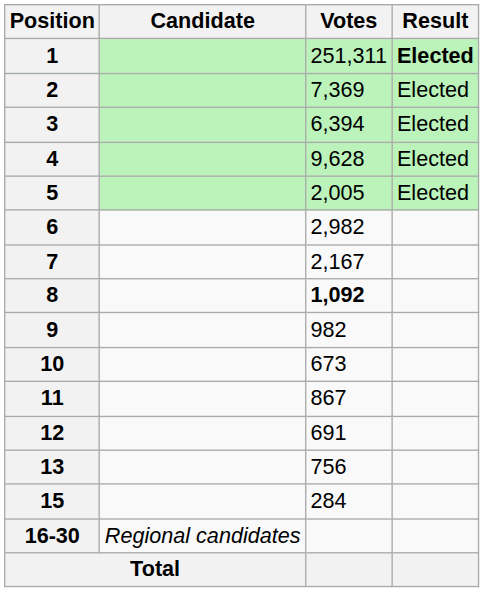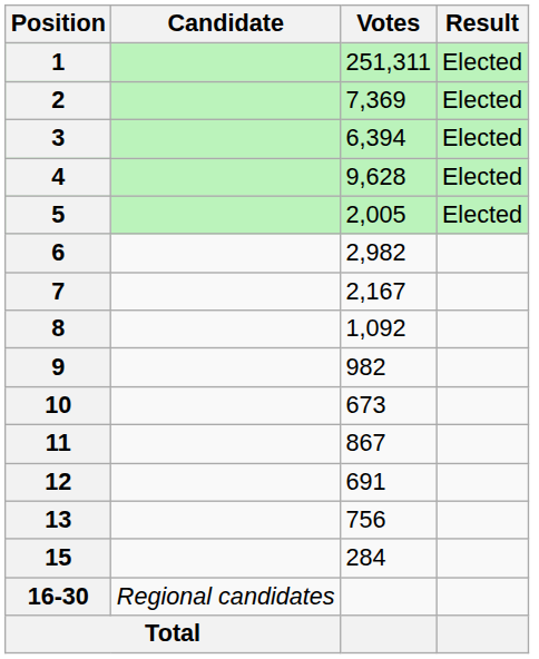 <table class="wikitable sortable col3right">
 <tr>
 <th scope="col">Position</th>
 <th scope="col">Candidate</th>
 <th scope="col">Votes</th>
 <th scope="col">Result</th>
 </tr>
 <tr bgcolor=bbf3bb>
 <th scope="row">1</th>
 <td></td>
 <td>251,311</td>
-<td><strong>Elected</strong></td>
+<td>Elected</td>
 </tr>
 <tr bgcolor=bbf3bb>
 <th scope="row">2</th>
 <td></td>
 <td>7,369</td>
 <td>Elected</td>
 </tr>
 <tr bgcolor=bbf3bb>
 <th scope="row">3</th>
 <td></td>
 <td>6,394</td>
 <td>Elected</td>
 </tr>
 <tr bgcolor=bbf3bb>
 <th scope="row">4</th>
 <td></td>
 <td>9,628</td>
 <td>Elected</td>
 </tr>
 <tr bgcolor=bbf3bb>
 <th scope="row">5</th>
 <td></td>
 <td>2,005</td>
 <td>Elected</td>
 </tr>
 <tr>
 <th scope="row">6</th>
 <td></td>
 <td>2,982</td>
 <td></td>
 </tr>
 <tr>
 <th scope="row">7</th>
 <td></td>
 <td>2,167</td>
 <td></td>
 </tr>
 <tr>
 <th scope="row">8</th>
 <td></td>
-<td><strong>1,092</strong></td>
+<td>1,092</td>
 <td></td>
 </tr>
 <tr>
 <th scope="row">9</th>
 <td></td>
 <td>982</td>
 <td></td>
 </tr>
 <tr>
 <th scope="row">10</th>
 <td></td>
 <td>673</td>
 <td></td>
 </tr>
 <tr>
 <th scope="row">11</th>
 <td></td>
 <td>867</td>
 <td></td>
 </tr>
 <tr>
 <th scope="row">12</th>
 <td></td>
 <td>691</td>
 <td></td>
 </tr>
 <tr>
 <th scope="row">13</th>
 <td></td>
 <td>756</td>
 <td></td>
 </tr>
 <tr>
 <th scope="row">15</th>
 <td></td>
 <td>284</td>
 <td></td>
 </tr>
 <tr>
 <th scope="row">16-30</th>
 <td><em>Regional candidates</em></td>
 <td></td>
 <td></td>
 </tr>
 <tr class="sortbottom">
 <th scope="row" colspan="2">Total</th>
 <th></th>
 <th></th>
 </tr>
 </table>
